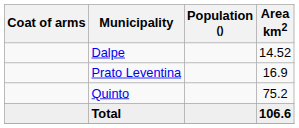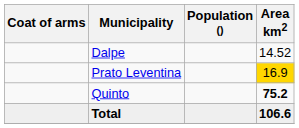 <table class="wikitable">
 <tr>
 <th>Coat of arms</th>
 <th>Municipality</th>
 <th>Population<br><small>()</small></th>
 <th>Area <br>km<sup>2</sup></th>
 </tr>
 <tr>
 <td></td>
 <td><a href='#'>Dalpe</a></td>
 <td align="center"></td>
 <td align="center">14.52</td>
 </tr>
 <tr>
 <td></td>
 <td><a href='#'>Prato Leventina</a></td>
 <td align="center"></td>
-<td align="center">16.9</td>
+<td align="center" style="background: gold;">16.9</td>
 </tr>
 <tr>
 <td></td>
 <td><a href='#'>Quinto</a></td>
 <td align="center"></td>
-<td align="center">75.2</td>
+<td align="center"><strong>75.2</strong></td>
 </tr>
 <tr>
 <td bgcolor="#EFEFEF"></td>
 <td bgcolor="#EFEFEF"><strong>Total</strong></td>
 <td bgcolor="#EFEFEF" align="center"></td>
 <td bgcolor="#EFEFEF" align="center"><strong>106.6</strong></td>
 </tr>
 <tr>
 </tr>
 </table>
